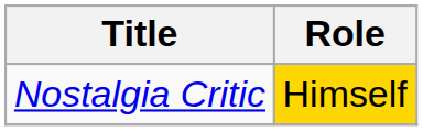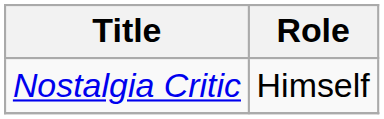 <table class="wikitable">
 <tr>
 <th>Title</th>
 <th>Role</th>
 </tr>
 <tr>
 <td><em><a href='#'>Nostalgia Critic</a></em></td>
-<td style="background: gold;">Himself</td>
+<td>Himself</td>
 </tr>
 <tr>
 </tr>
 </table>
